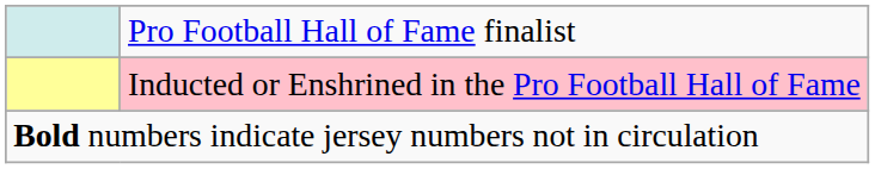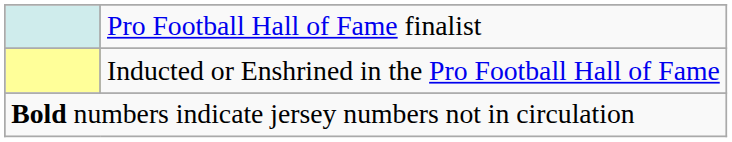 <table class="wikitable">
 <tr>
 <td style="background:#cfecec; width:3em;"></td>
 <td><a href='#'>Pro Football Hall of Fame</a> finalist</td>
 </tr>
 <tr>
 <td style="background:#ff9; width:3em;"></td>
-<td style="background: pink;">Inducted or Enshrined in the <a href='#'>Pro Football Hall of Fame</a></td>
+<td>Inducted or Enshrined in the <a href='#'>Pro Football Hall of Fame</a></td>
 </tr>
 <tr>
 <td colspan="2"><strong>Bold</strong> numbers indicate jersey numbers not in circulation</td>
 </tr>
 </table>
